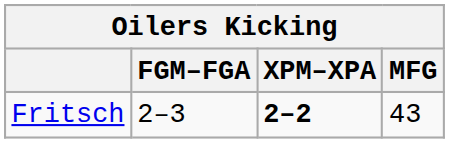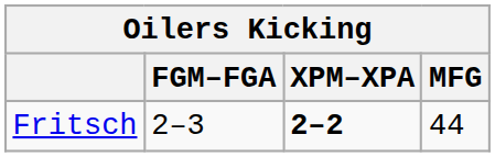 <table class="wikitable">
 <tr>
 <th colspan="4">Oilers Kicking</th>
 </tr>
 <tr>
 <th></th>
 <th>FGM–FGA</th>
 <th>XPM–XPA</th>
 <th>MFG</th>
 </tr>
 <tr>
 <td><a href='#'>Fritsch</a></td>
 <td>2–3</td>
 <td><strong>2–2</strong></td>
-<td>43</td>
+<td>44</td>
 </tr>
 </table>
